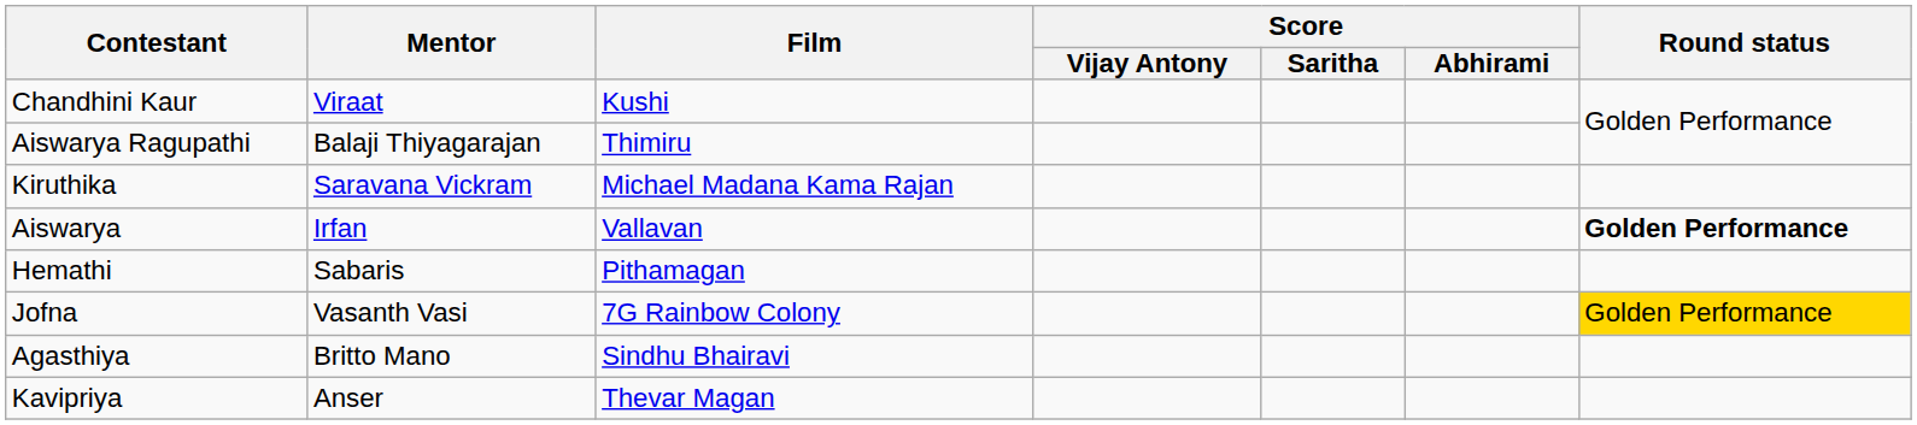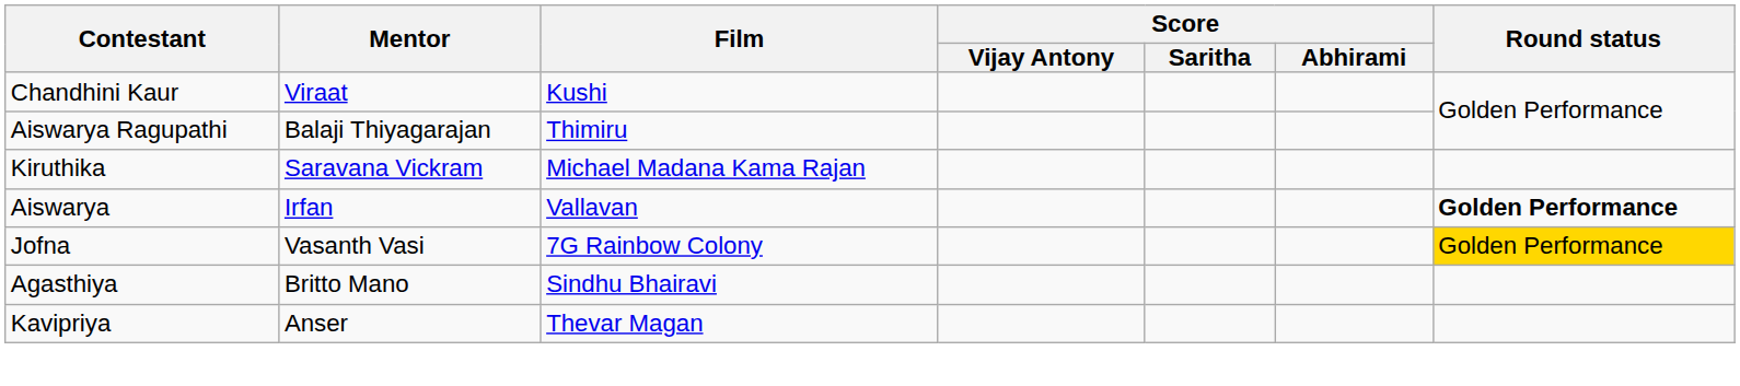 <table class="wikitable" style="align: center;" width="90%">
 <tr>
 <th rowspan="2">Contestant</th>
 <th rowspan="2">Mentor</th>
 <th rowspan="2">Film</th>
 <th colspan="3">Score</th>
 <th rowspan="2">Round status</th>
 </tr>
 <tr>
 <th style="padding: 0 8px">Vijay Antony</th>
 <th style="padding: 0 8px">Saritha</th>
 <th style="padding: 0 8px">Abhirami</th>
 </tr>
 <tr>
 <td>Chandhini Kaur</td>
 <td><a href='#'>Viraat</a></td>
 <td><a href='#'>Kushi</a></td>
 <td></td>
 <td></td>
 <td></td>
 <td rowspan=2>Golden Performance</td>
 </tr>
 <tr>
 <td>Aiswarya Ragupathi</td>
 <td>Balaji Thiyagarajan</td>
 <td><a href='#'>Thimiru</a></td>
 <td></td>
 <td></td>
 <td></td>
 </tr>
 <tr>
 <td>Kiruthika</td>
 <td><a href='#'>Saravana Vickram</a></td>
 <td><a href='#'>Michael Madana Kama Rajan</a></td>
 <td></td>
 <td></td>
 <td></td>
 <td></td>
 </tr>
 <tr>
 <td>Aiswarya</td>
 <td><a href='#'>Irfan</a></td>
 <td><a href='#'>Vallavan</a></td>
 <td></td>
 <td></td>
 <td></td>
 <td><strong>Golden Performance</strong></td>
 </tr>
 <tr>
-<td>Hemathi</td>
-<td>Sabaris</td>
-<td><a href='#'>Pithamagan</a></td>
-<td></td>
-<td></td>
-<td></td>
-<td></td>
-</tr>
-<tr>
 <td>Jofna</td>
 <td>Vasanth Vasi</td>
 <td><a href='#'>7G Rainbow Colony</a></td>
 <td></td>
 <td></td>
 <td></td>
 <td style="background: gold;">Golden Performance</td>
 </tr>
 <tr>
 <td>Agasthiya</td>
 <td>Britto Mano</td>
 <td><a href='#'>Sindhu Bhairavi</a></td>
 <td></td>
 <td></td>
 <td></td>
 <td></td>
 </tr>
 <tr>
 <td>Kavipriya</td>
 <td>Anser</td>
 <td><a href='#'>Thevar Magan</a></td>
 <td></td>
 <td></td>
 <td></td>
 <td></td>
 </tr>
 </table>
